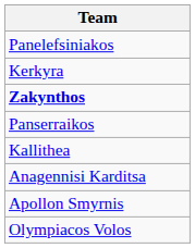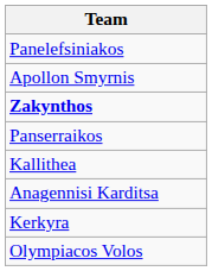 <table class="wikitable">
 <tr>
 </tr>
 <tr>
 <th width=170>Team</th>
 </tr>
 <tr>
 <td><a href='#'>Panelefsiniakos</a></td>
 </tr>
 <tr>
-<td><a href='#'>Kerkyra</a></td>
+<td><a href='#'>Apollon Smyrnis</a></td>
 </tr>
 <tr>
 <td><strong><a href='#'>Zakynthos</a></strong></td>
 </tr>
 <tr>
 <td><a href='#'>Panserraikos</a></td>
 </tr>
 <tr>
 <td><a href='#'>Kallithea</a></td>
 </tr>
 <tr>
 <td><a href='#'>Anagennisi Karditsa</a></td>
 </tr>
 <tr>
-<td><a href='#'>Apollon Smyrnis</a></td>
+<td><a href='#'>Kerkyra</a></td>
 </tr>
 <tr>
 <td><a href='#'>Olympiacos Volos</a></td>
 </tr>
 </table>
